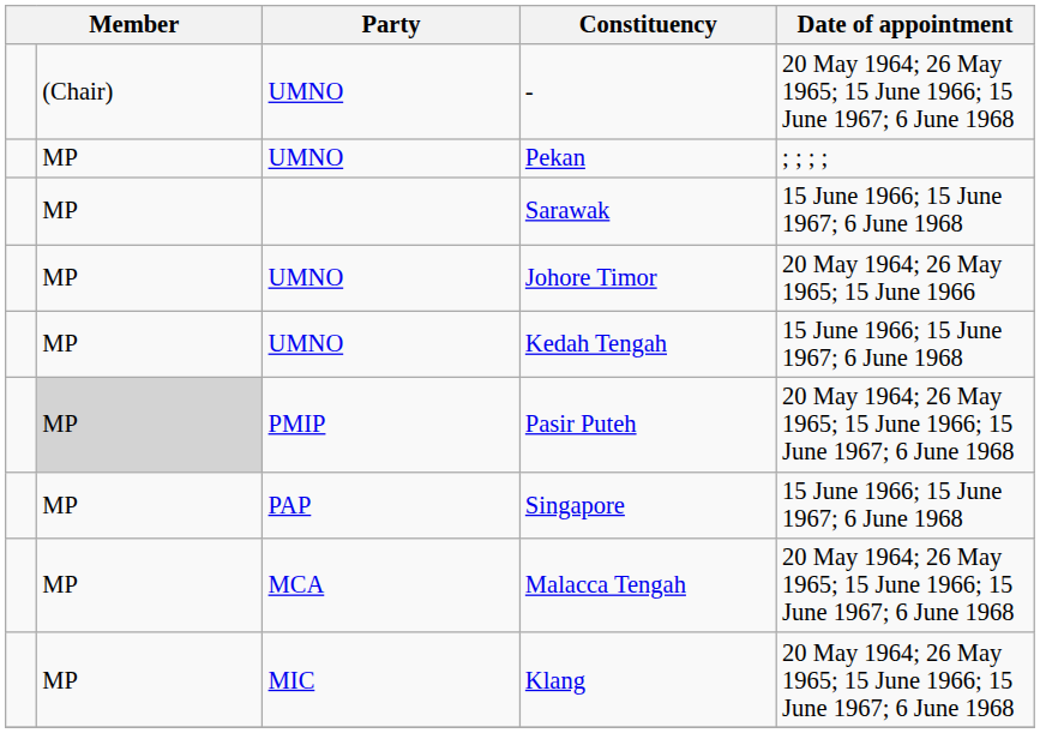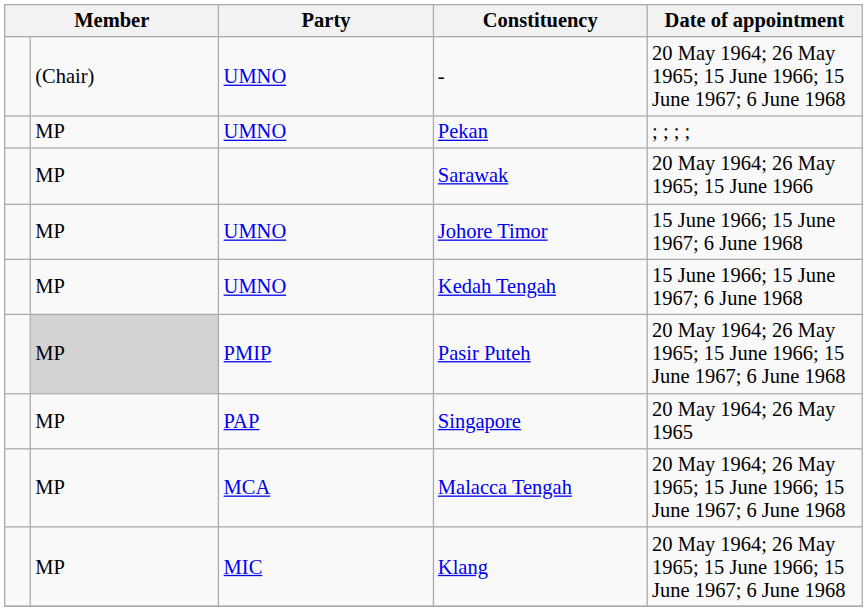 <table class="sortable wikitable">
 <tr>
 <th width="160px" colspan="2" valign="top">Member</th>
 <th width="160px" valign="top">Party</th>
 <th width="160px" valign="top">Constituency</th>
 <th width="160px" valign="top">Date of appointment</th>
 </tr>
 <tr>
 <td></td>
 <td> (Chair)</td>
 <td><a href='#'>UMNO</a></td>
 <td>-</td>
 <td>20 May 1964; 26 May 1965; 15 June 1966; 15 June 1967; 6 June 1968</td>
 </tr>
 <tr>
 <td></td>
 <td> MP</td>
 <td><a href='#'>UMNO</a></td>
 <td><a href='#'>Pekan</a></td>
 <td>; ; ; ; </td>
 </tr>
 <tr>
 <td></td>
 <td> MP</td>
 <td></td>
 <td><a href='#'>Sarawak</a></td>
-<td>15 June 1966; 15 June 1967; 6 June 1968</td>
+<td>20 May 1964; 26 May 1965; 15 June 1966</td>
 </tr>
 <tr>
 <td></td>
 <td> MP</td>
 <td><a href='#'>UMNO</a></td>
 <td><a href='#'>Johore Timor</a></td>
-<td>20 May 1964; 26 May 1965; 15 June 1966</td>
+<td>15 June 1966; 15 June 1967; 6 June 1968</td>
 </tr>
 <tr>
 <td></td>
 <td> MP</td>
 <td><a href='#'>UMNO</a></td>
 <td><a href='#'>Kedah Tengah</a></td>
 <td>15 June 1966; 15 June 1967; 6 June 1968</td>
 </tr>
 <tr>
 <td></td>
 <td style="background: lightgrey;"> MP</td>
 <td><a href='#'>PMIP</a></td>
 <td><a href='#'>Pasir Puteh</a></td>
 <td>20 May 1964; 26 May 1965; 15 June 1966; 15 June 1967; 6 June 1968</td>
 </tr>
 <tr>
 <td></td>
 <td> MP</td>
 <td><a href='#'>PAP</a></td>
 <td><a href='#'>Singapore</a></td>
-<td>15 June 1966; 15 June 1967; 6 June 1968</td>
+<td>20 May 1964; 26 May 1965</td>
 </tr>
 <tr>
 <td></td>
 <td> MP</td>
 <td><a href='#'>MCA</a></td>
 <td><a href='#'>Malacca Tengah</a></td>
 <td>20 May 1964; 26 May 1965; 15 June 1966; 15 June 1967; 6 June 1968</td>
 </tr>
 <tr>
 <td></td>
 <td> MP</td>
 <td><a href='#'>MIC</a></td>
 <td><a href='#'>Klang</a></td>
 <td>20 May 1964; 26 May 1965; 15 June 1966; 15 June 1967; 6 June 1968</td>
 </tr>
 <tr>
 </tr>
 </table>
